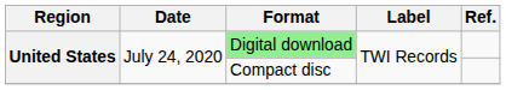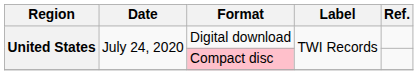 <table class="wikitable plainrowheaders">
 <tr>
 <th scope="col">Region</th>
 <th scope="col">Date</th>
 <th scope="col">Format</th>
 <th scope="col">Label</th>
 <th scope="col">Ref.</th>
 </tr>
 <tr>
 <th scope="row" rowspan="2">United States</th>
 <td rowspan="2">July 24, 2020</td>
-<td style="background: lightgreen;">Digital download</td>
+<td>Digital download</td>
 <td rowspan="2">TWI Records</td>
 <td></td>
 </tr>
 <tr>
-<td>Compact disc</td>
+<td style="background: pink;">Compact disc</td>
 <td></td>
 </tr>
 <tr>
 </tr>
 </table>
